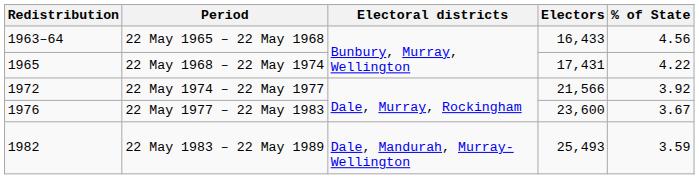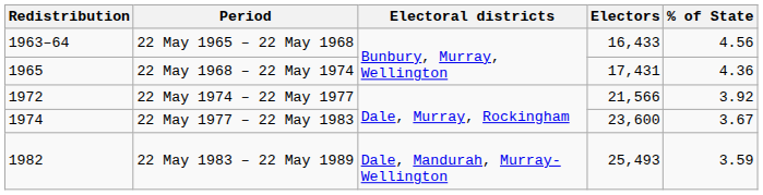 <table class="wikitable">
 <tr>
 <th>Redistribution</th>
 <th>Period</th>
 <th>Electoral districts</th>
 <th>Electors</th>
 <th>% of State</th>
 </tr>
 <tr>
 <td>1963–64</td>
 <td>22 May 1965 – 22 May 1968</td>
 <td rowspan=2 width = 200><br><a href='#'>Bunbury</a>, <a href='#'>Murray</a>,  <a href='#'>Wellington</a></td>
 <td align=right>16,433</td>
 <td align=right>4.56</td>
 </tr>
 <tr>
 <td>1965</td>
 <td>22 May 1968 – 22 May 1974</td>
 <td align=right>17,431</td>
-<td align=right>4.22</td>
+<td align=right>4.36</td>
 </tr>
 <tr>
 <td>1972</td>
 <td>22 May 1974 – 22 May 1977</td>
 <td rowspan=2 width = 200><br><a href='#'>Dale</a>, <a href='#'>Murray</a>,  <a href='#'>Rockingham</a></td>
 <td align=right>21,566</td>
 <td align=right>3.92</td>
 </tr>
 <tr>
-<td>1976</td>
+<td>1974</td>
 <td>22 May 1977 – 22 May 1983</td>
 <td align=right>23,600</td>
 <td align=right>3.67</td>
 </tr>
 <tr>
 <td>1982</td>
 <td>22 May 1983 – 22 May 1989</td>
 <td width=200><br><a href='#'>Dale</a>, <a href='#'>Mandurah</a>, <a href='#'>Murray-Wellington</a></td>
 <td align=right>25,493</td>
 <td align=right>3.59</td>
 </tr>
 </table>
